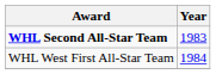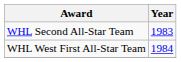 <table class="wikitable">
 <tr>
 <th>Award</th>
 <th>Year</th>
 </tr>
 <tr>
-<td><strong><a href='#'>WHL</a> Second All-Star Team</strong></td>
+<td><a href='#'>WHL</a> Second All-Star Team</td>
 <td><a href='#'>1983</a></td>
 </tr>
 <tr>
 <td>WHL West First All-Star Team</td>
 <td><a href='#'>1984</a></td>
 </tr>
 <tr>
 </tr>
 </table>
